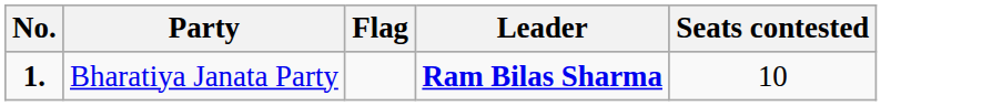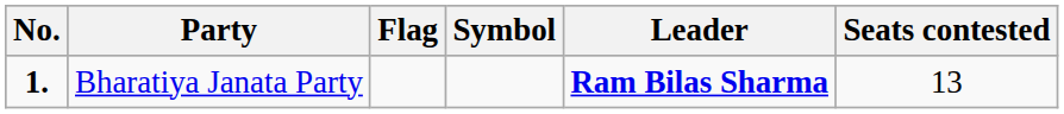 <table class="wikitable">
 <tr>
 <th>No.</th>
 <th>Party</th>
 <th>Flag</th>
+<th>Symbol</th>
 <th>Leader</th>
 <th>Seats contested</th>
 </tr>
 <tr>
 <td ! style="text-align:center; background:"><strong>1.</strong></td>
 <td style="text-align:center"><a href='#'>Bharatiya Janata Party</a></td>
 <td></td>
+<td></td>
 <td style="text-align:center"><strong><a href='#'>Ram Bilas Sharma</a></strong></td>
-<td style="text-align:center">10</td>
+<td style="text-align:center">13</td>
 </tr>
 </table>
